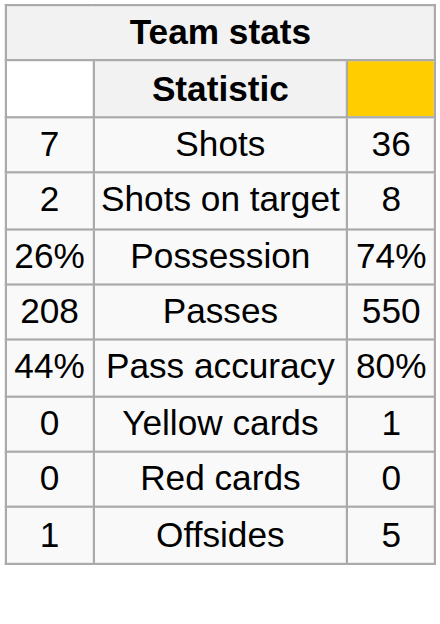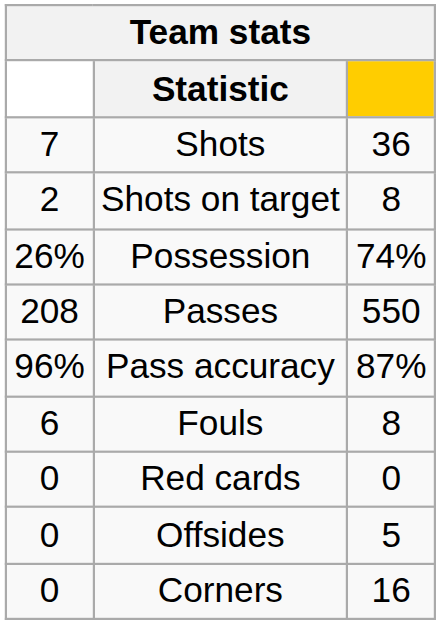 <table class="wikitable" style="margin-left: auto; margin-right: auto; border: none; text-align:center;">
 <tr>
 <th colspan=3>Team stats</th>
 </tr>
 <tr>
 <th style="background: #FFFFFF; color: #CE1126;"> <a href='#'></a></th>
 <th>Statistic</th>
 <th style="background: #FFCD00; color: #00843d;"> <a href='#'></a></th>
 </tr>
 <tr>
 <td>7</td>
 <td>Shots</td>
 <td>36</td>
 </tr>
 <tr>
 <td>2</td>
 <td>Shots on target</td>
 <td>8</td>
 </tr>
 <tr>
 <td>26%</td>
 <td>Possession</td>
 <td>74%</td>
 </tr>
 <tr>
 <td>208</td>
 <td>Passes</td>
 <td>550</td>
 </tr>
 <tr>
-<td>44%</td>
+<td>96%</td>
 <td>Pass accuracy</td>
-<td>80%</td>
+<td>87%</td>
 </tr>
 <tr>
-<td>0</td>
-<td>Yellow cards</td>
-<td>1</td>
+<td>6</td>
+<td>Fouls</td>
+<td>8</td>
 </tr>
 <tr>
 <td>0</td>
 <td>Red cards</td>
 <td>0</td>
 </tr>
 <tr>
-<td>1</td>
+<td>0</td>
 <td>Offsides</td>
 <td>5</td>
 </tr>
+<tr>
+<td>0</td>
+<td>Corners</td>
+<td>16</td>
+</tr>
 </table>
